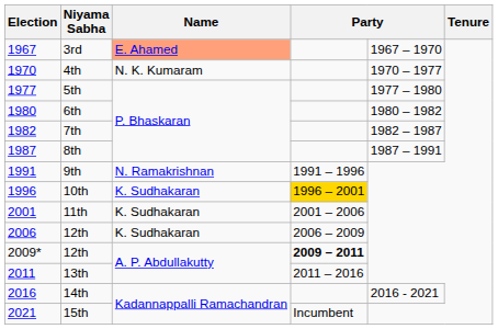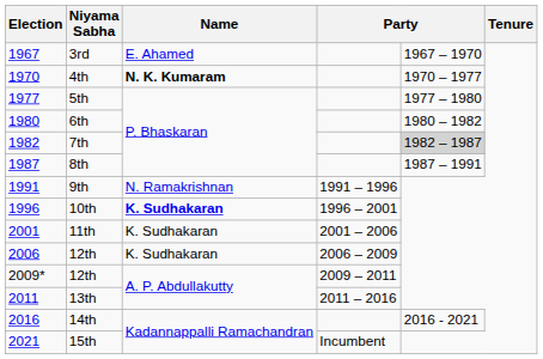 <table class="wikitable sortable">
 <tr>
 <th>Election</th>
 <th>Niyama<br>Sabha</th>
 <th>Name</th>
 <th colspan=2>Party</th>
 <th>Tenure</th>
 </tr>
 <tr>
 <td><a href='#'>1967</a></td>
 <td>3rd</td>
-<td style="background: lightsalmon;"><a href='#'>E. Ahamed</a></td>
+<td><a href='#'>E. Ahamed</a></td>
 <td></td>
 <td>1967 – 1970</td>
 </tr>
 <tr>
 <td><a href='#'>1970</a></td>
 <td>4th</td>
-<td>N. K. Kumaram</td>
+<td><strong>N. K. Kumaram</strong></td>
 <td></td>
 <td>1970 – 1977</td>
 </tr>
 <tr>
 <td><a href='#'>1977</a></td>
 <td>5th</td>
 <td rowspan="4"><a href='#'>P. Bhaskaran</a></td>
 <td></td>
 <td>1977 – 1980</td>
 </tr>
 <tr>
 <td><a href='#'>1980</a></td>
 <td>6th</td>
 <td></td>
 <td>1980 – 1982</td>
 </tr>
 <tr>
 <td><a href='#'>1982</a></td>
 <td>7th</td>
 <td></td>
-<td>1982 – 1987</td>
+<td style="background: lightgrey;">1982 – 1987</td>
 </tr>
 <tr>
 <td><a href='#'>1987</a></td>
 <td>8th</td>
 <td></td>
 <td>1987 – 1991</td>
 </tr>
 <tr>
 <td><a href='#'>1991</a></td>
 <td>9th</td>
 <td><a href='#'>N. Ramakrishnan</a></td>
 <td>1991 – 1996</td>
 </tr>
 <tr>
 <td><a href='#'>1996</a></td>
 <td>10th</td>
-<td><a href='#'>K. Sudhakaran</a></td>
-<td style="background: gold;">1996 – 2001</td>
+<td><strong><a href='#'>K. Sudhakaran</a></strong></td>
+<td>1996 – 2001</td>
 </tr>
 <tr>
 <td><a href='#'>2001</a></td>
 <td>11th</td>
 <td>K. Sudhakaran</td>
 <td>2001 – 2006</td>
 </tr>
 <tr>
 <td><a href='#'>2006</a></td>
 <td>12th</td>
 <td>K. Sudhakaran</td>
 <td>2006 – 2009</td>
 </tr>
 <tr>
 <td>2009*</td>
 <td>12th</td>
 <td rowspan="2"><a href='#'>A. P. Abdullakutty</a></td>
-<td><strong>2009 – 2011</strong></td>
+<td>2009 – 2011</td>
 </tr>
 <tr>
 <td><a href='#'>2011</a></td>
 <td>13th</td>
 <td>2011 – 2016</td>
 </tr>
 <tr>
 <td><a href='#'>2016</a></td>
 <td>14th</td>
 <td rowspan="2"><a href='#'>Kadannappalli Ramachandran</a></td>
 <td></td>
 <td>2016 - 2021</td>
 </tr>
 <tr>
 <td><a href='#'>2021</a></td>
 <td>15th</td>
 <td>Incumbent</td>
 </tr>
 </table>
